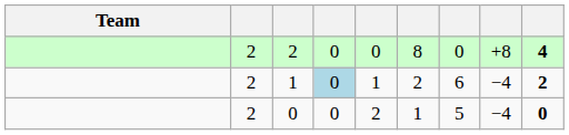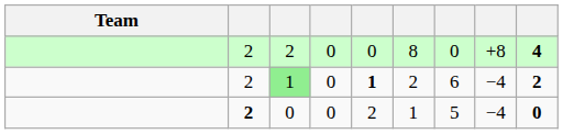 <table class="wikitable" style="text-align: center; font-size: 90%;">
 <tr>
 <th width=165>Team</th>
 <th width=25></th>
 <th width=25></th>
 <th width=25></th>
 <th width=25></th>
 <th width=25></th>
 <th width=25></th>
 <th width=25></th>
 <th width=25></th>
 </tr>
 <tr style="background:#cfc;">
 <td align=left></td>
 <td>2</td>
 <td>2</td>
 <td>0</td>
 <td>0</td>
 <td>8</td>
 <td>0</td>
 <td>+8</td>
 <td><strong>4</strong></td>
 </tr>
 <tr>
 <td align=left></td>
 <td>2</td>
-<td>1</td>
-<td style="background: lightblue;">0</td>
-<td>1</td>
+<td style="background: lightgreen;">1</td>
+<td>0</td>
+<td><strong>1</strong></td>
 <td>2</td>
 <td>6</td>
 <td>−4</td>
 <td><strong>2</strong></td>
 </tr>
 <tr>
 <td align=left></td>
-<td>2</td>
+<td><strong>2</strong></td>
 <td>0</td>
 <td>0</td>
 <td>2</td>
 <td>1</td>
 <td>5</td>
 <td>−4</td>
 <td><strong>0</strong></td>
 </tr>
 </table>
